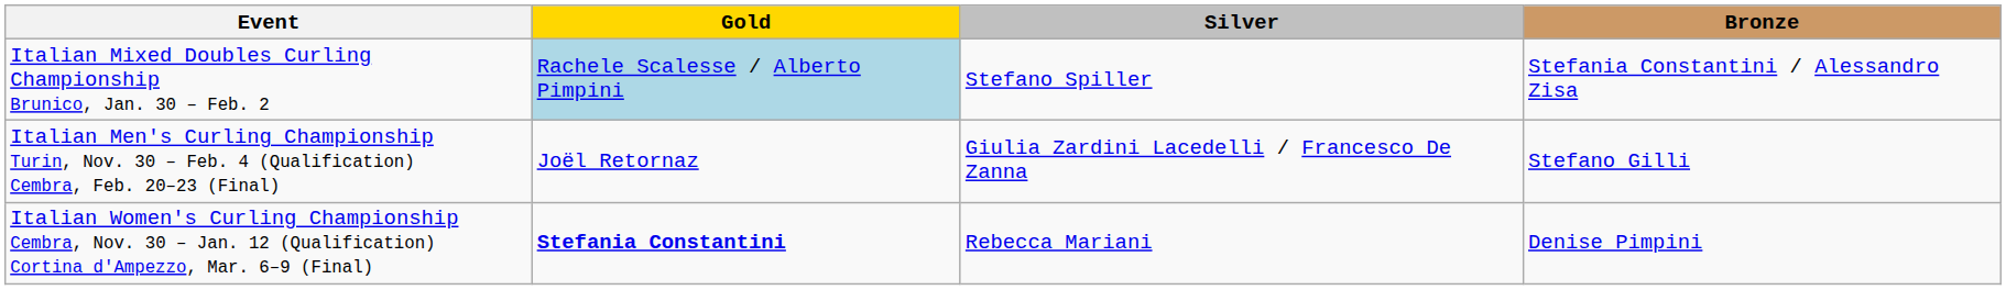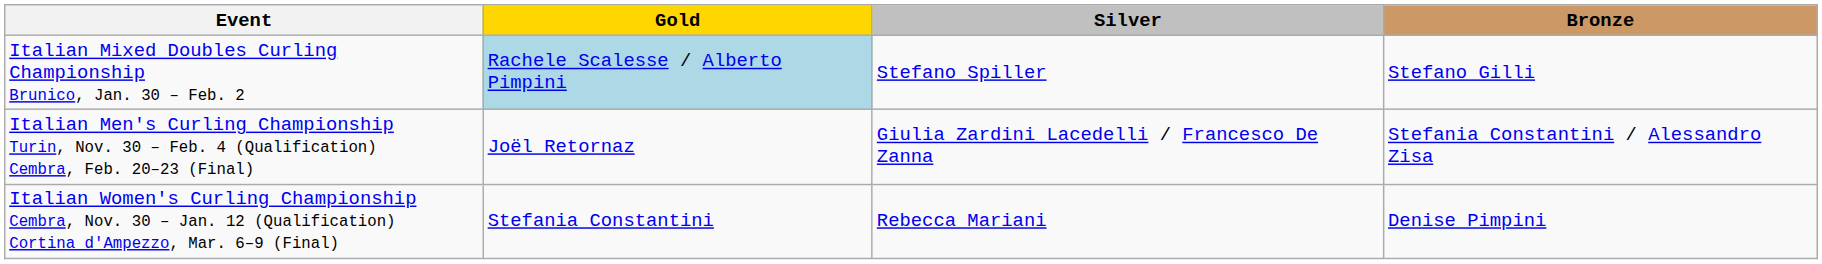 <table class="wikitable">
 <tr>
 <th colspan=2>Event</th>
 <th style="background:gold">Gold</th>
 <th style="background:silver">Silver</th>
 <th style="background:#cc9966">Bronze</th>
 </tr>
 <tr>
 <td colspan="2"><a href='#'>Italian Mixed Doubles Curling Championship</a><br> <small><a href='#'>Brunico</a>, Jan. 30 – Feb. 2</small></td>
 <td style="background: lightblue;"><a href='#'>Rachele Scalesse</a> / <a href='#'>Alberto Pimpini</a></td>
 <td><a href='#'>Stefano Spiller</a></td>
-<td><a href='#'>Stefania Constantini</a> / <a href='#'>Alessandro Zisa</a></td>
+<td><a href='#'>Stefano Gilli</a></td>
 </tr>
 <tr>
 <td colspan="2"><a href='#'>Italian Men's Curling Championship</a> <br> <small><a href='#'>Turin</a>, Nov. 30 – Feb. 4 (Qualification) <br> <a href='#'>Cembra</a>, Feb. 20–23 (Final)</small></td>
 <td><a href='#'>Joël Retornaz</a></td>
 <td><a href='#'>Giulia Zardini Lacedelli</a> / <a href='#'>Francesco De Zanna</a></td>
-<td><a href='#'>Stefano Gilli</a></td>
+<td><a href='#'>Stefania Constantini</a> / <a href='#'>Alessandro Zisa</a></td>
 </tr>
 <tr>
 <td colspan="2"><a href='#'>Italian Women's Curling Championship</a> <br> <small><a href='#'>Cembra</a>, Nov. 30 – Jan. 12 (Qualification) <br> <a href='#'>Cortina d'Ampezzo</a>, Mar. 6–9 (Final)</small></td>
-<td><strong><a href='#'>Stefania Constantini</a></strong></td>
+<td><a href='#'>Stefania Constantini</a></td>
 <td><a href='#'>Rebecca Mariani</a></td>
 <td><a href='#'>Denise Pimpini</a><br></td>
 </tr>
 </table>
